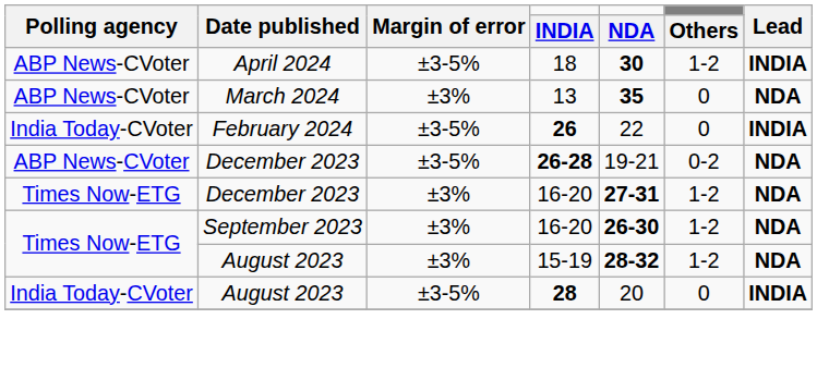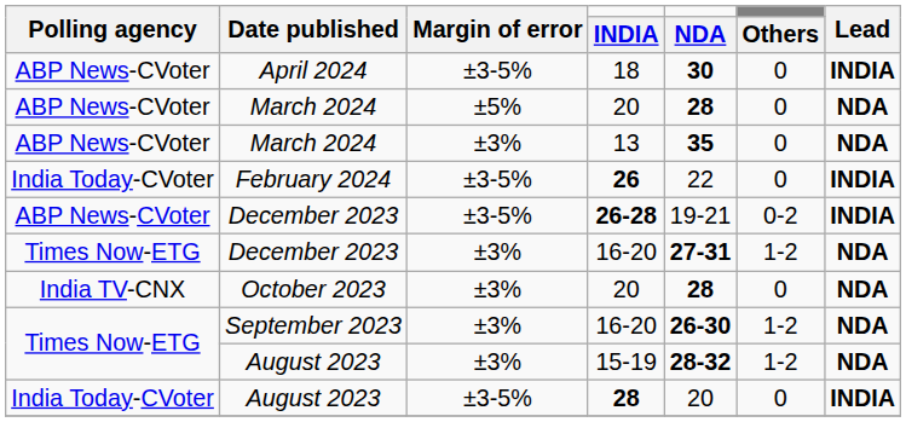 <table class="wikitable sortable" style="text-align:center;font-size:95%;line-height:16px">
 <tr>
 <th rowspan="2">Polling agency</th>
 <th rowspan="2">Date published</th>
 <th rowspan="2">Margin of error</th>
 <td></td>
 <td></td>
 <td bgcolor=grey></td>
 <th rowspan="2">Lead</th>
 </tr>
 <tr>
 <th><a href='#'>INDIA</a></th>
 <th><a href='#'>NDA</a></th>
 <th>Others</th>
 </tr>
 <tr>
 <td><a href='#'>ABP News</a>-CVoter</td>
 <td><em>April 2024</em></td>
 <td>±3-5%</td>
 <td>18</td>
 <td><strong>30</strong></td>
-<td>1-2</td>
+<td>0</td>
 <td><strong>INDIA</strong></td>
+</tr>
+<tr>
+<td><a href='#'>ABP News</a>-CVoter</td>
+<td><em>March 2024</em></td>
+<td>±5%</td>
+<td>20</td>
+<td><strong>28</strong></td>
+<td>0</td>
+<td><strong>NDA</strong></td>
 </tr>
 <tr>
 <td><a href='#'>ABP News</a>-CVoter</td>
 <td><em>March 2024</em></td>
 <td>±3%</td>
 <td>13</td>
 <td><strong>35</strong></td>
 <td>0</td>
 <td><strong>NDA</strong></td>
 </tr>
 <tr>
 <td><a href='#'>India Today</a>-CVoter</td>
 <td><em>February 2024</em></td>
 <td>±3-5%</td>
 <td><strong>26</strong></td>
 <td>22</td>
 <td>0</td>
 <td bgcolor=><strong>INDIA</strong></td>
 </tr>
 <tr>
 <td><a href='#'>ABP News</a>-<a href='#'>CVoter</a></td>
 <td><em>December 2023</em></td>
 <td>±3-5%</td>
 <td><strong>26-28</strong></td>
 <td>19-21</td>
 <td>0-2</td>
-<td bgcolor=><strong>NDA</strong></td>
+<td bgcolor=><strong>INDIA</strong></td>
 </tr>
 <tr>
 <td><a href='#'>Times Now</a>-<a href='#'>ETG</a></td>
 <td><em>December 2023</em></td>
 <td>±3%</td>
 <td>16-20</td>
 <td><strong>27-31</strong></td>
 <td>1-2</td>
+<td bgcolor=><strong>NDA</strong></td>
+</tr>
+<tr>
+<td><a href='#'>India TV</a>-CNX</td>
+<td><em>October 2023</em></td>
+<td>±3%</td>
+<td>20</td>
+<td><strong>28</strong></td>
+<td>0</td>
 <td bgcolor=><strong>NDA</strong></td>
 </tr>
 <tr>
 <td rowspan="2"><a href='#'>Times Now</a>-<a href='#'>ETG</a></td>
 <td><em>September 2023</em></td>
 <td>±3%</td>
 <td>16-20</td>
 <td><strong>26-30</strong></td>
 <td>1-2</td>
 <td bgcolor=><strong>NDA</strong></td>
 </tr>
 <tr>
 <td><em>August 2023</em></td>
 <td>±3%</td>
 <td>15-19</td>
 <td><strong>28-32</strong></td>
 <td>1-2</td>
 <td bgcolor=><strong>NDA</strong></td>
 </tr>
 <tr>
 <td><a href='#'>India Today</a>-<a href='#'>CVoter</a></td>
 <td><em>August 2023</em></td>
 <td>±3-5%</td>
 <td><strong>28</strong></td>
 <td>20</td>
 <td>0</td>
 <td><strong>INDIA</strong></td>
 </tr>
 <tr>
 </tr>
 </table>
